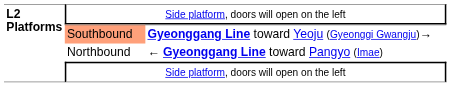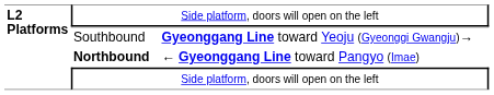 <table table border=0 cellspacing=0 cellpadding=3>
 <tr>
 <td style="border-top:solid 1px gray;border-bottom:solid 1px gray;" width=50 rowspan=10 valign=top><strong>L2<br>Platforms</strong></td>
 <td style="border-top:solid 1px gray;border-right:solid 2px black;border-left:solid 2px black;border-bottom:solid 2px black;text-align:center;" colspan=2><small><a href='#'>Side platform</a>, doors will open on the left</small></td>
 </tr>
 <tr>
-<td style="background: lightsalmon; border-bottom:solid 0px gray;border-top:solid 1px gray;" width=100>Southbound</td>
+<td style="border-bottom:solid 0px gray;border-top:solid 1px gray;" width=100>Southbound</td>
 <td style="border-bottom:solid 0px gray;border-top:solid 1px gray;" width=390> <a href='#'><span><strong>Gyeonggang Line</strong></span></a> toward <a href='#'>Yeoju</a> <small>(<a href='#'>Gyeonggi Gwangju</a>)</small>→</td>
 </tr>
 <tr>
-<td>Northbound</td>
+<td><strong>Northbound</strong></td>
 <td>← <a href='#'><span><strong>Gyeonggang Line</strong></span></a> toward <a href='#'>Pangyo</a> <small>(<a href='#'>Imae</a>)</small></td>
 </tr>
 <tr>
 <td style="border-top:solid 2px black;border-right:solid 2px black;border-left:solid 2px black;border-bottom:solid 1px gray;text-align:center;" colspan=2><small><a href='#'>Side platform</a>, doors will open on the left</small></td>
 </tr>
 </table>
